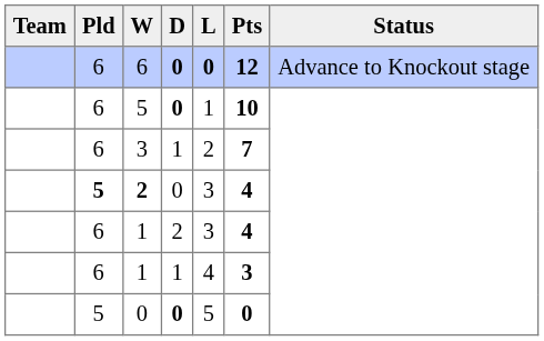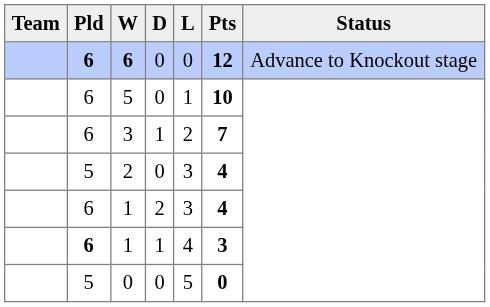 <table style=border-collapse:collapse border=1 cellspacing=0 cellpadding=5>
 <tr align=center bgcolor=#efefef>
 <th>Team</th>
 <th>Pld</th>
 <th>W</th>
 <th>D</th>
 <th>L</th>
 <th>Pts</th>
 <th>Status</th>
 </tr>
 <tr align=center style="background:#bbccff;">
 <td style="text-align:left;"> </td>
-<td>6</td>
-<td>6</td>
-<td><strong>0</strong></td>
-<td><strong>0</strong></td>
+<td><strong>6</strong></td>
+<td><strong>6</strong></td>
+<td>0</td>
+<td>0</td>
 <td><strong>12</strong></td>
 <td rowspan=1>Advance to Knockout stage</td>
 </tr>
 <tr align=center style="background:#FFFFFF;">
 <td style="text-align:left;"> </td>
 <td>6</td>
 <td>5</td>
-<td><strong>0</strong></td>
+<td>0</td>
 <td>1</td>
 <td><strong>10</strong></td>
 <td rowspan=6></td>
 </tr>
 <tr align=center style="background:#FFFFFF;">
 <td style="text-align:left;"> </td>
 <td>6</td>
 <td>3</td>
 <td>1</td>
 <td>2</td>
 <td><strong>7</strong></td>
 </tr>
 <tr align=center style="background:#FFFFFF;">
 <td style="text-align:left;"> </td>
-<td><strong>5</strong></td>
-<td><strong>2</strong></td>
+<td>5</td>
+<td>2</td>
 <td>0</td>
 <td>3</td>
 <td><strong>4</strong></td>
 </tr>
 <tr align=center style="background:#FFFFFF;">
 <td style="text-align:left;"> </td>
 <td>6</td>
 <td>1</td>
 <td>2</td>
 <td>3</td>
 <td><strong>4</strong></td>
 </tr>
 <tr align=center style="background:#FFFFFF;">
 <td style="text-align:left;"> </td>
-<td>6</td>
+<td><strong>6</strong></td>
 <td>1</td>
 <td>1</td>
 <td>4</td>
 <td><strong>3</strong></td>
 </tr>
 <tr align=center style="background:#FFFFFF;">
 <td style="text-align:left;"> </td>
 <td>5</td>
 <td>0</td>
-<td><strong>0</strong></td>
+<td>0</td>
 <td>5</td>
 <td><strong>0</strong></td>
 </tr>
 </table>
